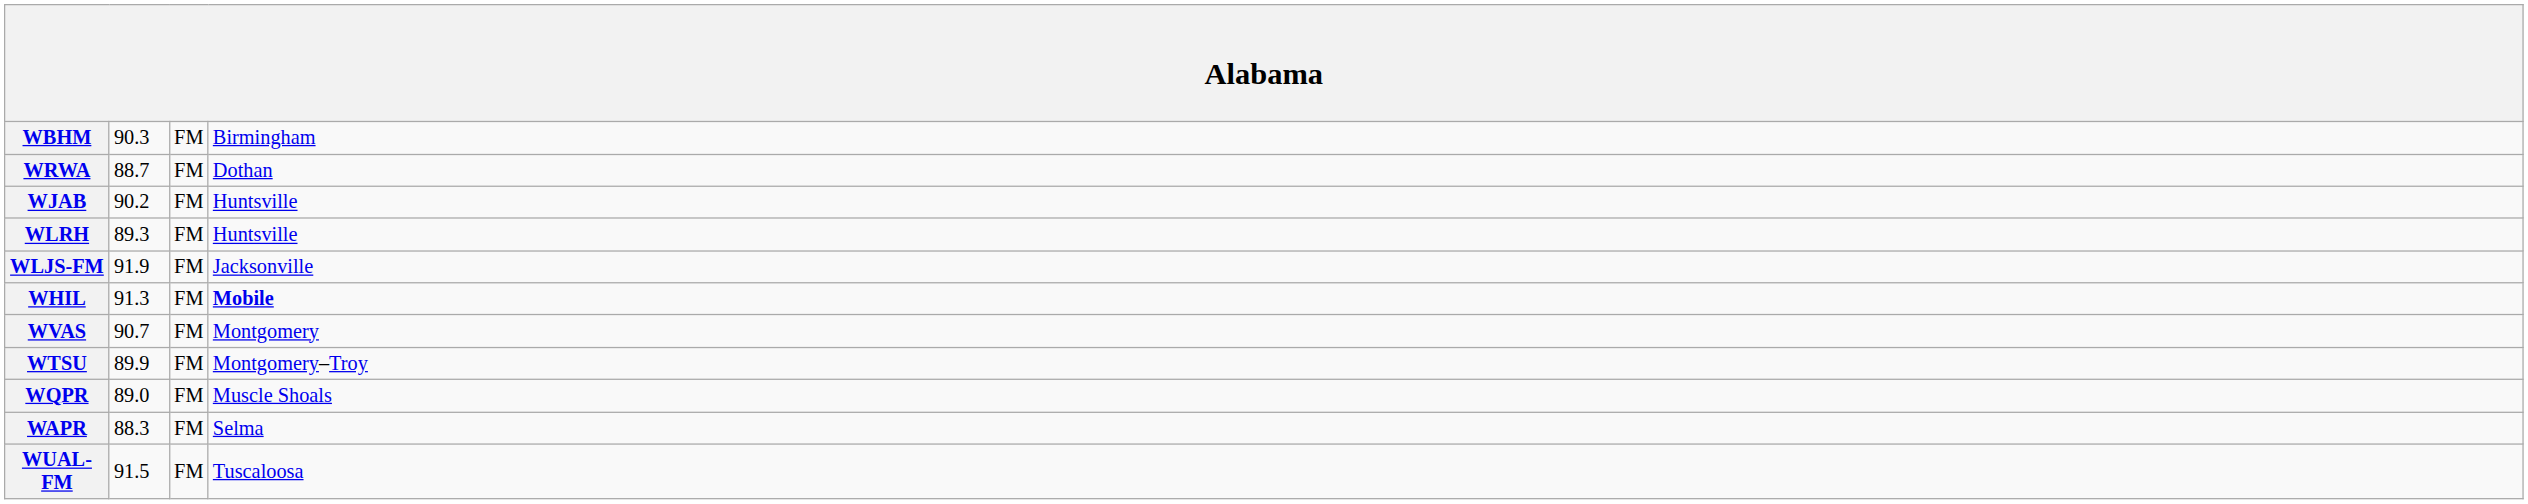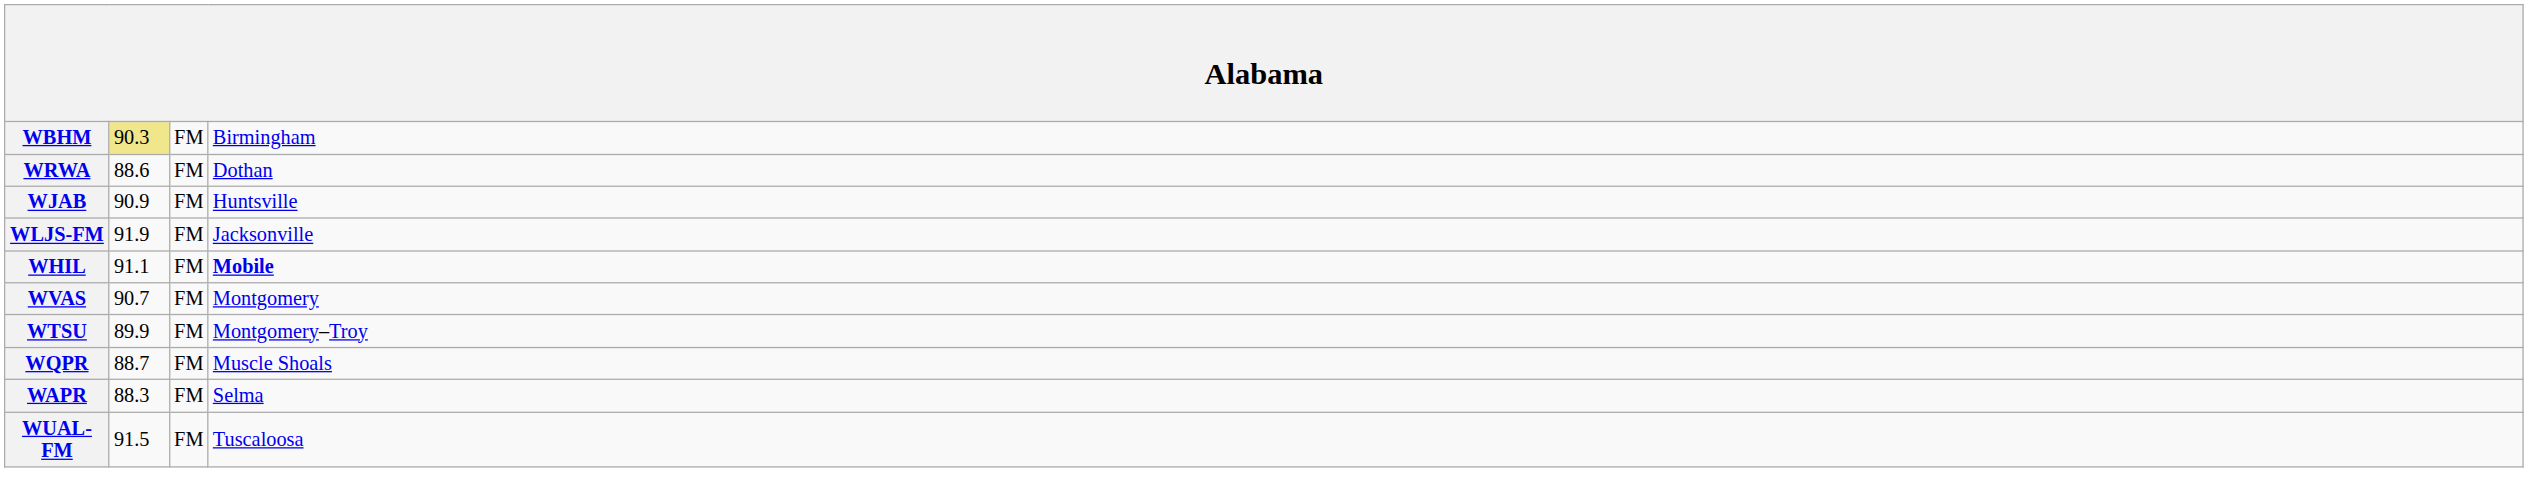 <table class="wikitable mw-collapsible" style="width:100%">
 <tr>
 <th scope="col" colspan="4"><br><h2>Alabama</h2></th>
 </tr>
 <tr>
 <th scope="row" style="width: 75px;"><a href='#'>WBHM</a></th>
-<td style="width: 40px;">90.3</td>
+<td style="background: khaki; width: 40px;">90.3</td>
 <td style="width: 21px;">FM</td>
 <td><a href='#'>Birmingham</a></td>
 </tr>
 <tr>
 <th scope="row"><a href='#'>WRWA</a></th>
-<td>88.7</td>
+<td>88.6</td>
 <td>FM</td>
 <td><a href='#'>Dothan</a></td>
 </tr>
 <tr>
 <th scope="row"><a href='#'>WJAB</a></th>
-<td>90.2</td>
-<td>FM</td>
-<td><a href='#'>Huntsville</a></td>
-</tr>
-<tr>
-<th scope="row"><a href='#'>WLRH</a></th>
-<td>89.3</td>
+<td>90.9</td>
 <td>FM</td>
 <td><a href='#'>Huntsville</a></td>
 </tr>
 <tr>
 <th scope="row"><a href='#'>WLJS-FM</a></th>
 <td>91.9</td>
 <td>FM</td>
 <td><a href='#'>Jacksonville</a></td>
 </tr>
 <tr>
 <th scope="row"><a href='#'>WHIL</a></th>
-<td>91.3</td>
+<td>91.1</td>
 <td>FM</td>
 <td><strong><a href='#'>Mobile</a></strong></td>
 </tr>
 <tr>
 <th scope="row"><a href='#'>WVAS</a></th>
 <td>90.7</td>
 <td>FM</td>
 <td><a href='#'>Montgomery</a></td>
 </tr>
 <tr>
 <th scope="row"><a href='#'>WTSU</a></th>
 <td>89.9</td>
 <td>FM</td>
 <td><a href='#'>Montgomery</a>–<a href='#'>Troy</a></td>
 </tr>
 <tr>
 <th scope="row"><a href='#'>WQPR</a></th>
-<td>89.0</td>
+<td>88.7</td>
 <td>FM</td>
 <td><a href='#'>Muscle Shoals</a></td>
 </tr>
 <tr>
 <th scope="row"><a href='#'>WAPR</a></th>
 <td>88.3</td>
 <td>FM</td>
 <td><a href='#'>Selma</a></td>
 </tr>
 <tr>
 <th scope="row"><a href='#'>WUAL-FM</a></th>
 <td>91.5</td>
 <td>FM</td>
 <td><a href='#'>Tuscaloosa</a></td>
 </tr>
 </table>
